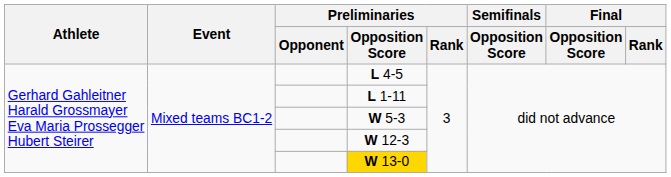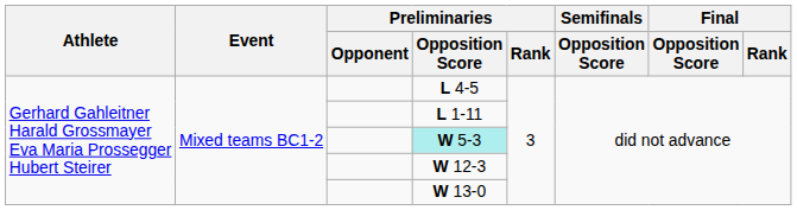 <table class=wikitable style="font-size:90%">
 <tr>
 <th rowspan="2">Athlete</th>
 <th rowspan="2">Event</th>
 <th colspan="3">Preliminaries</th>
 <th>Semifinals</th>
 <th colspan="2">Final</th>
 </tr>
 <tr>
 <th>Opponent</th>
 <th>Opposition<br>Score</th>
 <th>Rank</th>
 <th>Opposition<br>Score</th>
 <th>Opposition<br>Score</th>
 <th>Rank</th>
 </tr>
 <tr>
 <td rowspan="5"><a href='#'>Gerhard Gahleitner</a><br> <a href='#'>Harald Grossmayer</a><br> <a href='#'>Eva Maria Prossegger</a><br> <a href='#'>Hubert Steirer</a></td>
 <td rowspan="5"><a href='#'>Mixed teams BC1-2</a></td>
 <td align="left"></td>
 <td align="center"><strong>L</strong> 4-5</td>
 <td align="center" rowspan="5">3</td>
 <td align="center" rowspan="5" colspan="3">did not advance</td>
 </tr>
 <tr>
 <td align="left"></td>
 <td align="center"><strong>L</strong> 1-11</td>
 </tr>
 <tr>
 <td align="left"></td>
-<td align="center"><strong>W</strong> 5-3</td>
+<td align="center" style="background: paleturquoise;"><strong>W</strong> 5-3</td>
 </tr>
 <tr>
 <td align="left"></td>
 <td align="center"><strong>W</strong> 12-3</td>
 </tr>
 <tr>
 <td align="left"></td>
-<td align="center" style="background: gold;"><strong>W</strong> 13-0</td>
+<td align="center"><strong>W</strong> 13-0</td>
 </tr>
 </table>
